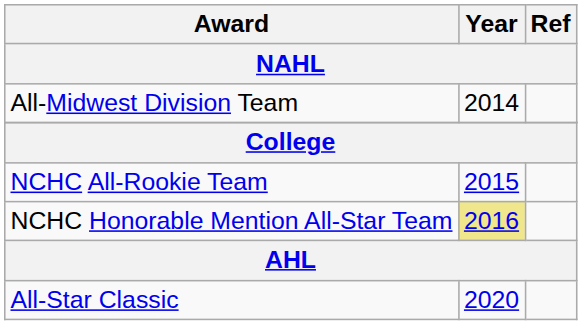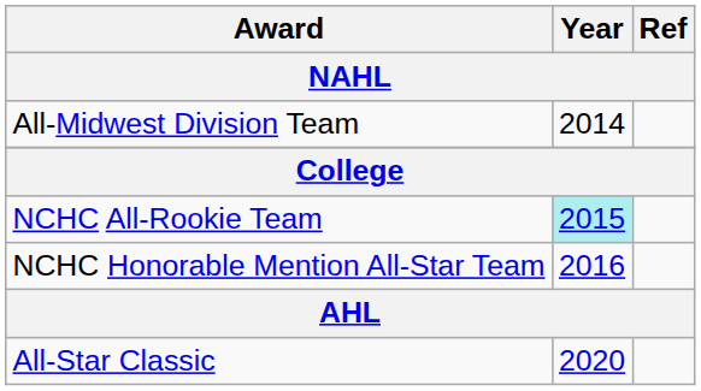 <table class="wikitable">
 <tr>
 <th>Award</th>
 <th>Year</th>
 <th>Ref</th>
 </tr>
 <tr ALIGN="center" bgcolor="#e0e0e0">
 <th colspan="3"><a href='#'>NAHL</a></th>
 </tr>
 <tr>
 <td>All-<a href='#'>Midwest Division</a> Team</td>
 <td>2014</td>
 <td></td>
 </tr>
 <tr>
 </tr>
 <tr ALIGN="center" bgcolor="#e0e0e0">
 <th colspan="3"><a href='#'>College</a></th>
 </tr>
 <tr>
 <td><a href='#'>NCHC</a> <a href='#'>All-Rookie Team</a></td>
-<td><a href='#'>2015</a></td>
+<td style="background: paleturquoise;"><a href='#'>2015</a></td>
 <td></td>
 </tr>
 <tr>
 <td>NCHC <a href='#'>Honorable Mention All-Star Team</a></td>
-<td style="background: khaki;"><a href='#'>2016</a></td>
+<td><a href='#'>2016</a></td>
 <td></td>
 </tr>
 <tr ALIGN="center" bgcolor="#e0e0e0">
 <th colspan="3"><a href='#'>AHL</a></th>
 </tr>
 <tr>
 <td><a href='#'>All-Star Classic</a></td>
 <td><a href='#'>2020</a></td>
 <td></td>
 </tr>
 </table>
